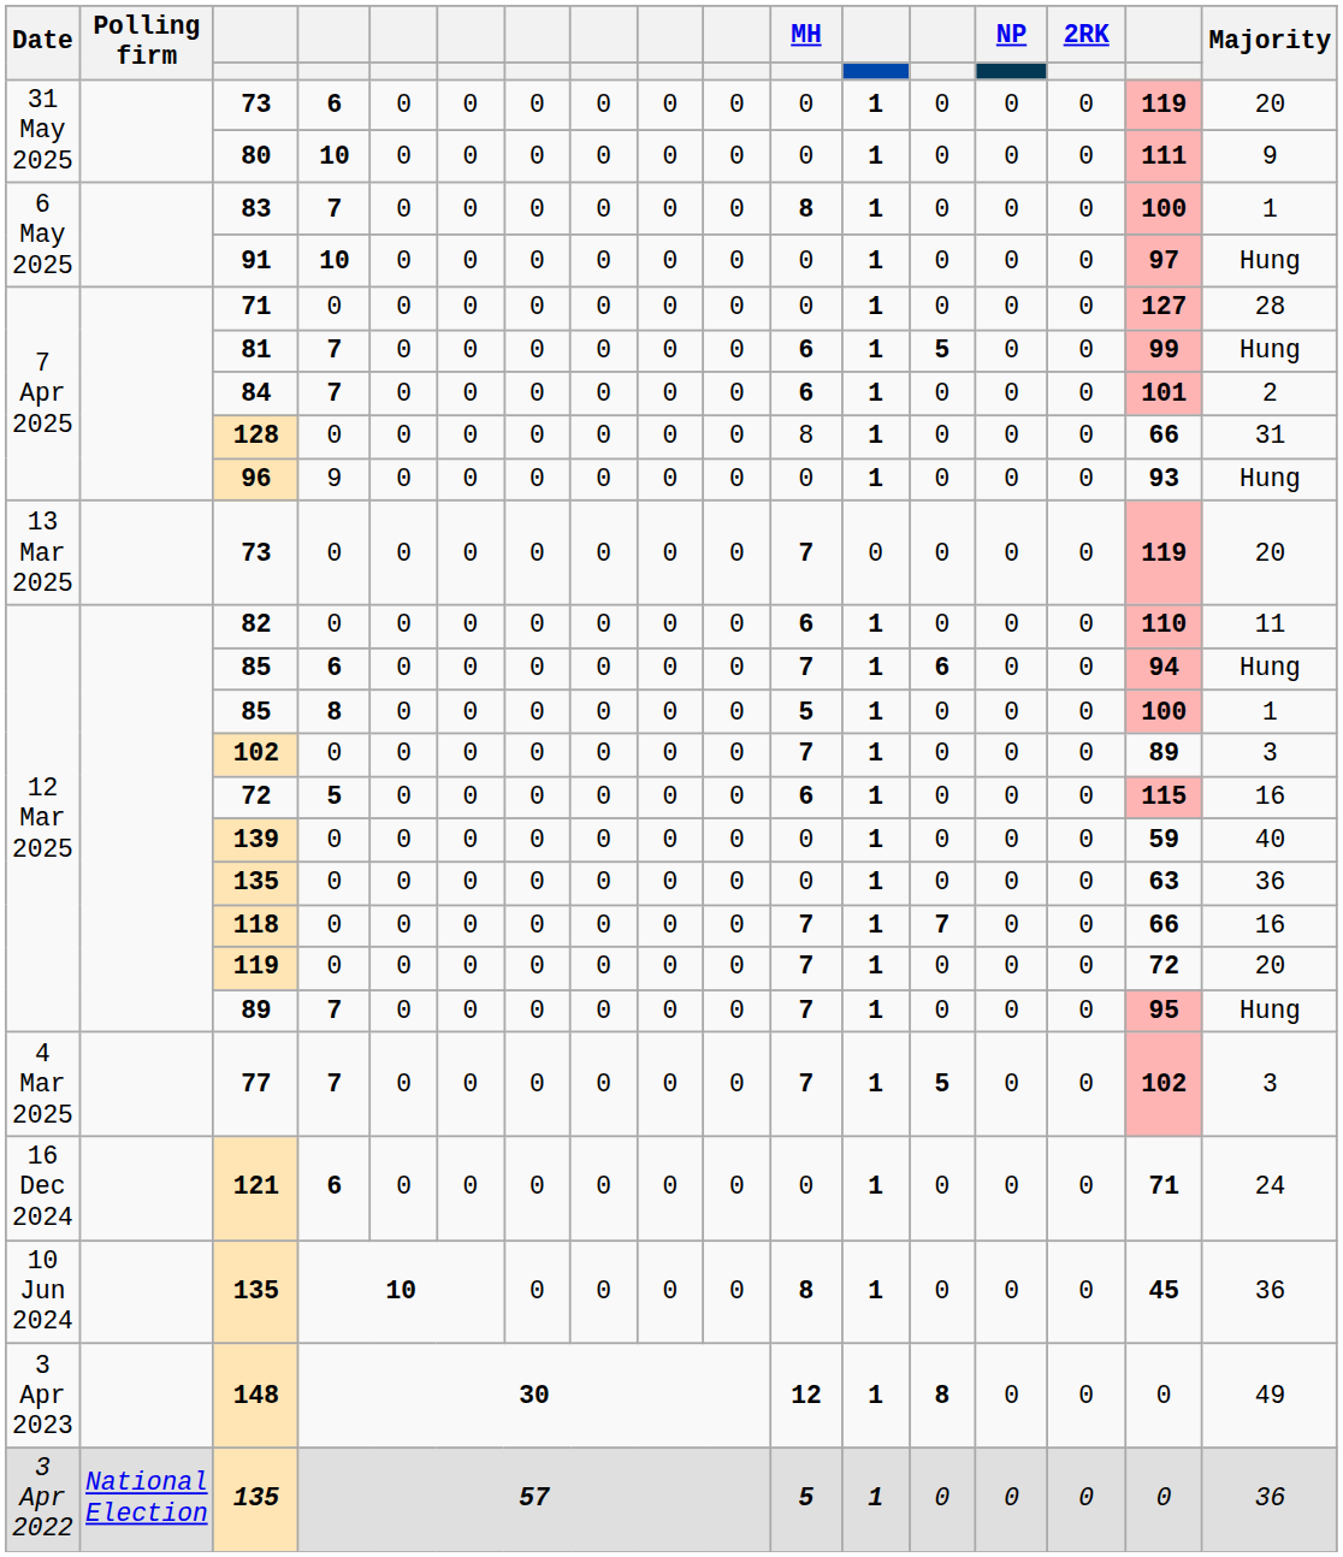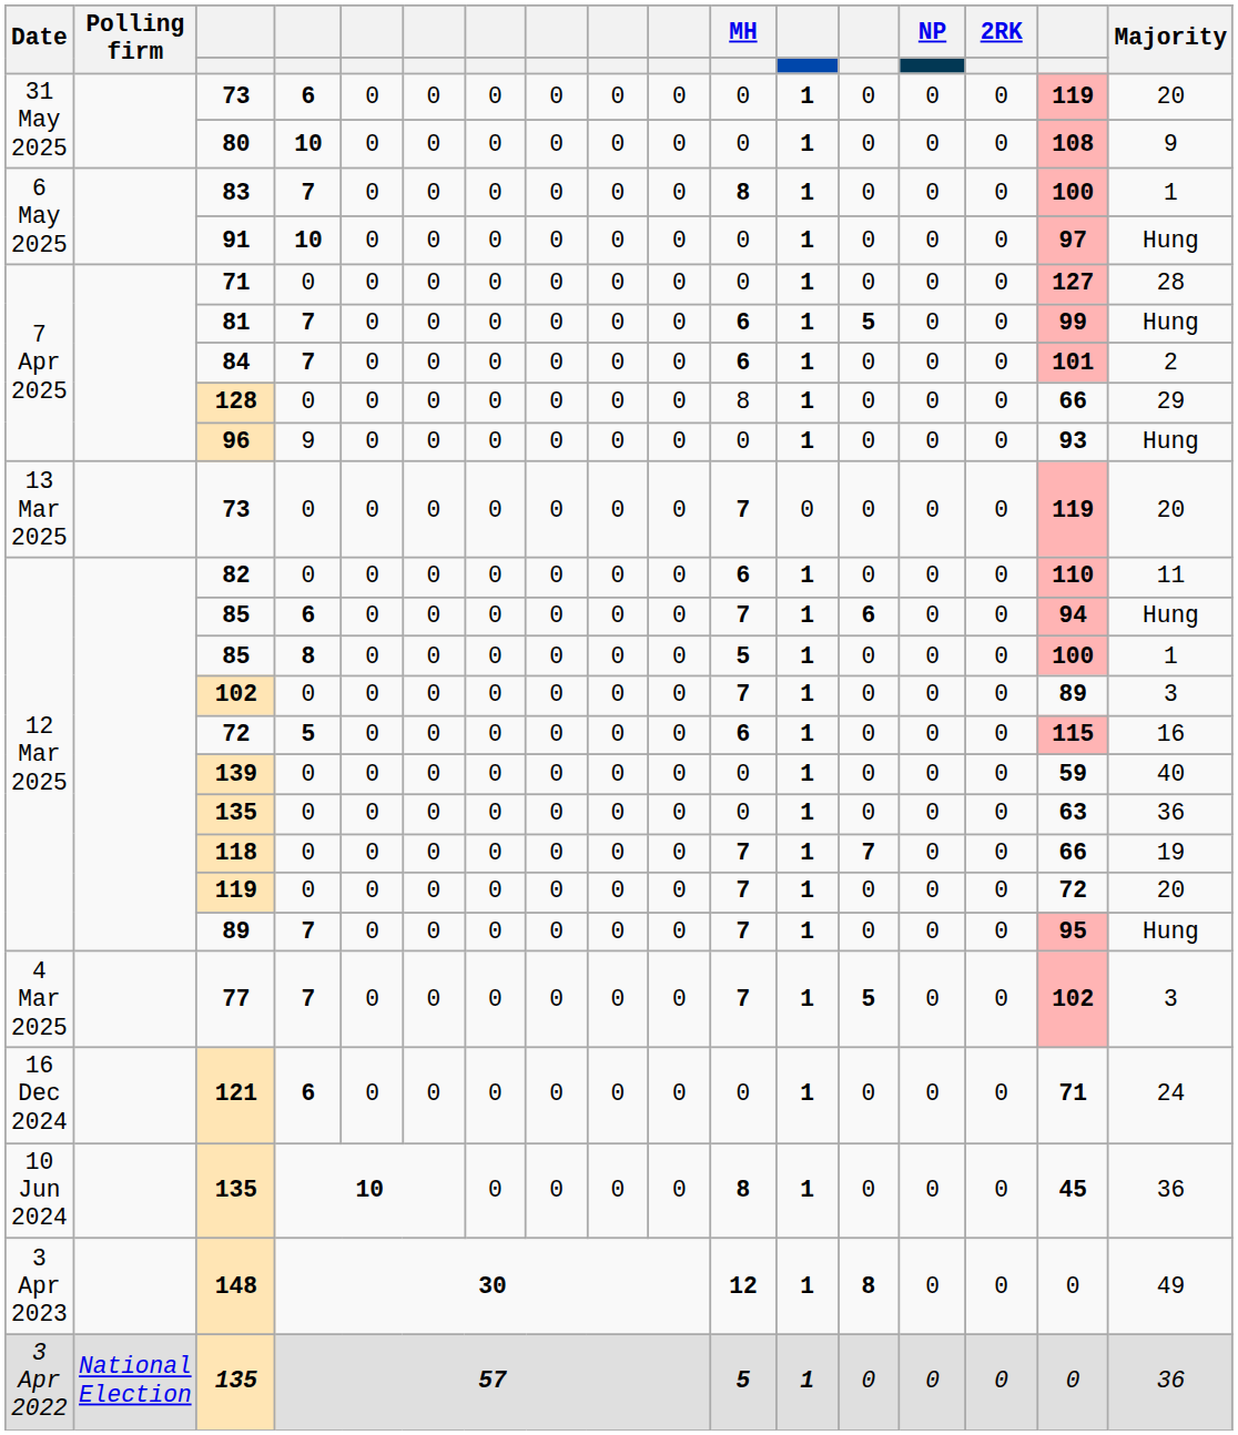 <table class="wikitable mw-collapsible sortable" style="text-align:center;font-size:90%;line-height:14px;">
 <tr>
 <th rowspan="2">Date<br></th>
 <th rowspan="2">Polling firm</th>
 <th class="unsortable" style="width:40px;"></th>
 <th style="width:35px;"></th>
 <th style="width:35px;"></th>
 <th style="width:35px;"></th>
 <th style="width:35px;"></th>
 <th style="width:35px;"></th>
 <th style="width:35px;"></th>
 <th style="width:35px;"></th>
 <th style="width:35px"><a href='#'>MH</a></th>
 <th style="width:35px"></th>
 <th style="width:35px"></th>
 <th style="width:35px;"><a href='#'>NP</a></th>
 <th style="width:35px;"><a href='#'>2RK</a></th>
 <th style="width:35px;"></th>
 <th rowspan="2" style="width:25px;">Majority</th>
 </tr>
 <tr>
 <th style="background:"></th>
 <th style="background:"></th>
 <th style="background:"></th>
 <th style="background:"></th>
 <th style="background:"></th>
 <th style="background:"></th>
 <th style="background:"></th>
 <th style="background:"></th>
 <th style="background:"></th>
 <th style="color:inherit;background:#0047AB;"></th>
 <th style="background:"></th>
 <th style="background:#023854;"></th>
 <th style="background:"></th>
 <th style="background:"></th>
 </tr>
 <tr>
 <td rowspan="2">31 May 2025</td>
 <td rowspan="2"></td>
 <td><strong>73</strong></td>
 <td><strong>6</strong></td>
 <td>0</td>
 <td>0</td>
 <td>0</td>
 <td>0</td>
 <td>0</td>
 <td>0</td>
 <td>0</td>
 <td><strong>1</strong></td>
 <td>0</td>
 <td>0</td>
 <td>0</td>
 <td style="background:#FFB4B4"><strong>119</strong></td>
 <td style="background:">20</td>
 </tr>
 <tr>
 <td><strong>80</strong></td>
 <td><strong>10</strong></td>
 <td>0</td>
 <td>0</td>
 <td>0</td>
 <td>0</td>
 <td>0</td>
 <td>0</td>
 <td>0</td>
 <td><strong>1</strong></td>
 <td>0</td>
 <td>0</td>
 <td>0</td>
-<td style="background:#FFB4B4"><strong>111</strong></td>
+<td style="background:#FFB4B4"><strong>108</strong></td>
 <td style="background:">9</td>
 </tr>
 <tr>
 <td rowspan="2">6 May 2025</td>
 <td rowspan="2"></td>
 <td><strong>83</strong></td>
 <td><strong>7</strong></td>
 <td>0</td>
 <td>0</td>
 <td>0</td>
 <td>0</td>
 <td>0</td>
 <td>0</td>
 <td><strong>8</strong></td>
 <td><strong>1</strong></td>
 <td>0</td>
 <td>0</td>
 <td>0</td>
 <td style="background:#FFB4B4"><strong>100</strong></td>
 <td style="background:">1</td>
 </tr>
 <tr>
 <td><strong>91</strong></td>
 <td><strong>10</strong></td>
 <td>0</td>
 <td>0</td>
 <td>0</td>
 <td>0</td>
 <td>0</td>
 <td>0</td>
 <td>0</td>
 <td><strong>1</strong></td>
 <td>0</td>
 <td>0</td>
 <td>0</td>
 <td style="background:#FFB4B4"><strong>97</strong></td>
 <td>Hung</td>
 </tr>
 <tr>
 <td rowspan="5">7 Apr 2025</td>
 <td rowspan="5"></td>
 <td><strong>71</strong></td>
 <td>0</td>
 <td>0</td>
 <td>0</td>
 <td>0</td>
 <td>0</td>
 <td>0</td>
 <td>0</td>
 <td>0</td>
 <td><strong>1</strong></td>
 <td>0</td>
 <td>0</td>
 <td>0</td>
 <td style="background:#FFB4B4"><strong>127</strong></td>
 <td style="background:">28</td>
 </tr>
 <tr>
 <td><strong>81</strong></td>
 <td><strong>7</strong></td>
 <td>0</td>
 <td>0</td>
 <td>0</td>
 <td>0</td>
 <td>0</td>
 <td>0</td>
 <td><strong>6</strong></td>
 <td><strong>1</strong></td>
 <td><strong>5</strong></td>
 <td>0</td>
 <td>0</td>
 <td style="background:#FFB4B4"><strong>99</strong></td>
 <td>Hung</td>
 </tr>
 <tr>
 <td><strong>84</strong></td>
 <td><strong>7</strong></td>
 <td>0</td>
 <td>0</td>
 <td>0</td>
 <td>0</td>
 <td>0</td>
 <td>0</td>
 <td><strong>6</strong></td>
 <td><strong>1</strong></td>
 <td>0</td>
 <td>0</td>
 <td>0</td>
 <td style="background:#FFB4B4"><strong>101</strong></td>
 <td style="background:">2</td>
 </tr>
 <tr>
 <td style="background:#FFE5B4"><strong>128</strong></td>
 <td>0</td>
 <td>0</td>
 <td>0</td>
 <td>0</td>
 <td>0</td>
 <td>0</td>
 <td>0</td>
 <td>8</td>
 <td><strong>1</strong></td>
 <td>0</td>
 <td>0</td>
 <td>0</td>
 <td><strong>66</strong></td>
-<td style="background:">31</td>
+<td style="background:">29</td>
 </tr>
 <tr>
 <td style="background:#FFE5B4"><strong>96</strong></td>
 <td>9</td>
 <td>0</td>
 <td>0</td>
 <td>0</td>
 <td>0</td>
 <td>0</td>
 <td>0</td>
 <td>0</td>
 <td><strong>1</strong></td>
 <td>0</td>
 <td>0</td>
 <td>0</td>
 <td><strong>93</strong></td>
 <td>Hung</td>
 </tr>
 <tr>
 <td>13 Mar 2025</td>
 <td></td>
 <td><strong>73</strong></td>
 <td>0</td>
 <td>0</td>
 <td>0</td>
 <td>0</td>
 <td>0</td>
 <td>0</td>
 <td>0</td>
 <td><strong>7</strong></td>
 <td>0</td>
 <td>0</td>
 <td>0</td>
 <td>0</td>
 <td style="background:#FFB4B4"><strong>119</strong></td>
 <td style="background:">20</td>
 </tr>
 <tr>
 <td rowspan="10">12 Mar 2025</td>
 <td rowspan="10"></td>
 <td><strong>82</strong></td>
 <td>0</td>
 <td>0</td>
 <td>0</td>
 <td>0</td>
 <td>0</td>
 <td>0</td>
 <td>0</td>
 <td><strong>6</strong></td>
 <td><strong>1</strong></td>
 <td>0</td>
 <td>0</td>
 <td>0</td>
 <td style="background:#FFB4B4"><strong>110</strong></td>
 <td style="background:">11</td>
 </tr>
 <tr>
 <td><strong>85</strong></td>
 <td><strong>6</strong></td>
 <td>0</td>
 <td>0</td>
 <td>0</td>
 <td>0</td>
 <td>0</td>
 <td>0</td>
 <td><strong>7</strong></td>
 <td><strong>1</strong></td>
 <td><strong>6</strong></td>
 <td>0</td>
 <td>0</td>
 <td style="background:#FFB4B4"><strong>94</strong></td>
 <td>Hung</td>
 </tr>
 <tr>
 <td><strong>85</strong></td>
 <td><strong>8</strong></td>
 <td>0</td>
 <td>0</td>
 <td>0</td>
 <td>0</td>
 <td>0</td>
 <td>0</td>
 <td><strong>5</strong></td>
 <td><strong>1</strong></td>
 <td>0</td>
 <td>0</td>
 <td>0</td>
 <td style="background:#FFB4B4"><strong>100</strong></td>
 <td style="background:">1</td>
 </tr>
 <tr>
 <td style="background:#FFE5B4"><strong>102</strong></td>
 <td>0</td>
 <td>0</td>
 <td>0</td>
 <td>0</td>
 <td>0</td>
 <td>0</td>
 <td>0</td>
 <td><strong>7</strong></td>
 <td><strong>1</strong></td>
 <td>0</td>
 <td>0</td>
 <td>0</td>
 <td><strong>89</strong></td>
 <td style="background:">3</td>
 </tr>
 <tr>
 <td><strong>72</strong></td>
 <td><strong>5</strong></td>
 <td>0</td>
 <td>0</td>
 <td>0</td>
 <td>0</td>
 <td>0</td>
 <td>0</td>
 <td><strong>6</strong></td>
 <td><strong>1</strong></td>
 <td>0</td>
 <td>0</td>
 <td>0</td>
 <td style="background:#FFB4B4"><strong>115</strong></td>
 <td style="background:">16</td>
 </tr>
 <tr>
 <td style="background:#FFE5B4"><strong>139</strong></td>
 <td>0</td>
 <td>0</td>
 <td>0</td>
 <td>0</td>
 <td>0</td>
 <td>0</td>
 <td>0</td>
 <td>0</td>
 <td><strong>1</strong></td>
 <td>0</td>
 <td>0</td>
 <td>0</td>
 <td><strong>59</strong></td>
 <td style="background:">40</td>
 </tr>
 <tr>
 <td style="background:#FFE5B4"><strong>135</strong></td>
 <td>0</td>
 <td>0</td>
 <td>0</td>
 <td>0</td>
 <td>0</td>
 <td>0</td>
 <td>0</td>
 <td>0</td>
 <td><strong>1</strong></td>
 <td>0</td>
 <td>0</td>
 <td>0</td>
 <td><strong>63</strong></td>
 <td style="background:">36</td>
 </tr>
 <tr>
 <td style="background:#FFE5B4"><strong>118</strong></td>
 <td>0</td>
 <td>0</td>
 <td>0</td>
 <td>0</td>
 <td>0</td>
 <td>0</td>
 <td>0</td>
 <td><strong>7</strong></td>
 <td><strong>1</strong></td>
 <td><strong>7</strong></td>
 <td>0</td>
 <td>0</td>
 <td><strong>66</strong></td>
-<td style="background:">16</td>
+<td style="background:">19</td>
 </tr>
 <tr>
 <td style="background:#FFE5B4"><strong>119</strong></td>
 <td>0</td>
 <td>0</td>
 <td>0</td>
 <td>0</td>
 <td>0</td>
 <td>0</td>
 <td>0</td>
 <td><strong>7</strong></td>
 <td><strong>1</strong></td>
 <td>0</td>
 <td>0</td>
 <td>0</td>
 <td><strong>72</strong></td>
 <td style="background:">20</td>
 </tr>
 <tr>
 <td><strong>89</strong></td>
 <td><strong>7</strong></td>
 <td>0</td>
 <td>0</td>
 <td>0</td>
 <td>0</td>
 <td>0</td>
 <td>0</td>
 <td><strong>7</strong></td>
 <td><strong>1</strong></td>
 <td>0</td>
 <td>0</td>
 <td>0</td>
 <td style="background:#FFB4B4"><strong>95</strong></td>
 <td>Hung</td>
 </tr>
 <tr>
 <td>4 Mar 2025</td>
 <td></td>
 <td><strong>77</strong></td>
 <td><strong>7</strong></td>
 <td>0</td>
 <td>0</td>
 <td>0</td>
 <td>0</td>
 <td>0</td>
 <td>0</td>
 <td><strong>7</strong></td>
 <td><strong>1</strong></td>
 <td><strong>5</strong></td>
 <td>0</td>
 <td>0</td>
 <td style="background:#FFB4B4"><strong>102</strong></td>
 <td style="background:">3</td>
 </tr>
 <tr>
 <td>16 Dec 2024</td>
 <td></td>
 <td style="background:#FFE5B4"><strong>121</strong></td>
 <td><strong>6</strong></td>
 <td>0</td>
 <td>0</td>
 <td>0</td>
 <td>0</td>
 <td>0</td>
 <td>0</td>
 <td>0</td>
 <td><strong>1</strong></td>
 <td>0</td>
 <td>0</td>
 <td>0</td>
 <td><strong>71</strong></td>
 <td style="background:">24</td>
 </tr>
 <tr>
 <td>10 Jun 2024</td>
 <td></td>
 <td style="background:#FFE5B4"><strong>135</strong></td>
 <td colspan="3"><strong>10</strong></td>
 <td>0</td>
 <td>0</td>
 <td>0</td>
 <td>0</td>
 <td><strong>8</strong></td>
 <td><strong>1</strong></td>
 <td>0</td>
 <td>0</td>
 <td>0</td>
 <td><strong>45</strong></td>
 <td style="background:">36</td>
 </tr>
 <tr>
 <td>3 Apr 2023</td>
 <td></td>
 <td style="background:#FFE5B4"><strong>148</strong></td>
 <td colspan="7"><strong>30</strong></td>
 <td><strong>12</strong></td>
 <td><strong>1</strong></td>
 <td><strong>8</strong></td>
 <td>0</td>
 <td>0</td>
 <td>0</td>
 <td style="background:">49</td>
 </tr>
 <tr style="background:#DFDFDF;">
 <td data-sort-value="2022-04-03"><em>3 Apr 2022</em></td>
 <td><em><a href='#'>National Election</a></em></td>
 <td style="background:#FFE5B4"><strong><em>135</em></strong></td>
 <td colspan="7"><strong><em>57</em></strong></td>
 <td><strong><em>5</em></strong></td>
 <td><strong><em>1</em></strong></td>
 <td><em>0</em></td>
 <td><em>0</em></td>
 <td><em>0</em></td>
 <td><em>0</em></td>
 <td style="background:"><em>36</em></td>
 </tr>
 </table>
